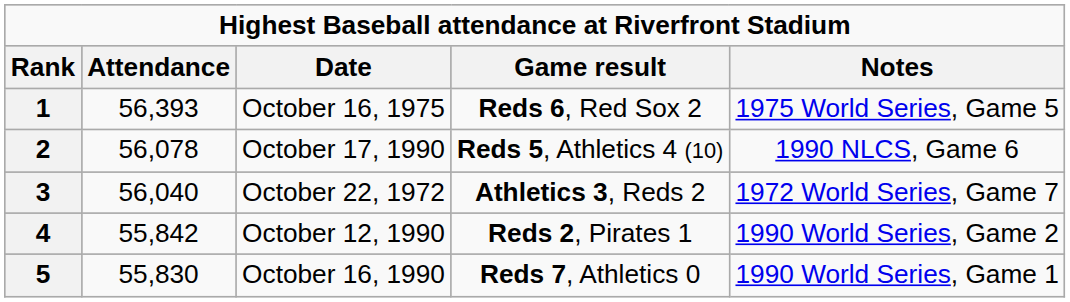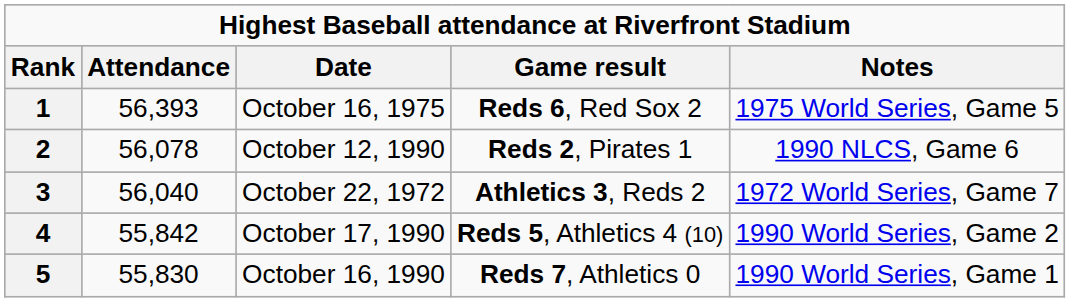 <table class="wikitable" style="text-align:center">
 <tr>
 <td colspan="5"><strong>Highest Baseball attendance at Riverfront Stadium</strong></td>
 </tr>
 <tr>
 <th>Rank</th>
 <th>Attendance</th>
 <th>Date</th>
 <th>Game result</th>
 <th>Notes</th>
 </tr>
 <tr>
 <th>1</th>
 <td>56,393</td>
 <td>October 16, 1975</td>
 <td><strong>Reds 6</strong>, Red Sox 2</td>
 <td><a href='#'>1975 World Series</a>, Game 5</td>
 </tr>
 <tr>
 <th>2</th>
 <td>56,078</td>
-<td>October 17, 1990</td>
-<td><strong>Reds 5</strong>, Athletics 4 <small>(10)</small></td>
+<td>October 12, 1990</td>
+<td><strong>Reds 2</strong>, Pirates 1</td>
 <td><a href='#'>1990 NLCS</a>, Game 6</td>
 </tr>
 <tr>
 <th>3</th>
 <td>56,040</td>
 <td>October 22, 1972</td>
 <td><strong>Athletics 3</strong>, Reds 2</td>
 <td><a href='#'>1972 World Series</a>, Game 7</td>
 </tr>
 <tr>
 <th>4</th>
 <td>55,842</td>
-<td>October 12, 1990</td>
-<td><strong>Reds 2</strong>, Pirates 1</td>
+<td>October 17, 1990</td>
+<td><strong>Reds 5</strong>, Athletics 4 <small>(10)</small></td>
 <td><a href='#'>1990 World Series</a>, Game 2</td>
 </tr>
 <tr>
 <th>5</th>
 <td>55,830</td>
 <td>October 16, 1990</td>
 <td><strong>Reds 7</strong>, Athletics 0</td>
 <td><a href='#'>1990 World Series</a>, Game 1</td>
 </tr>
 </table>
